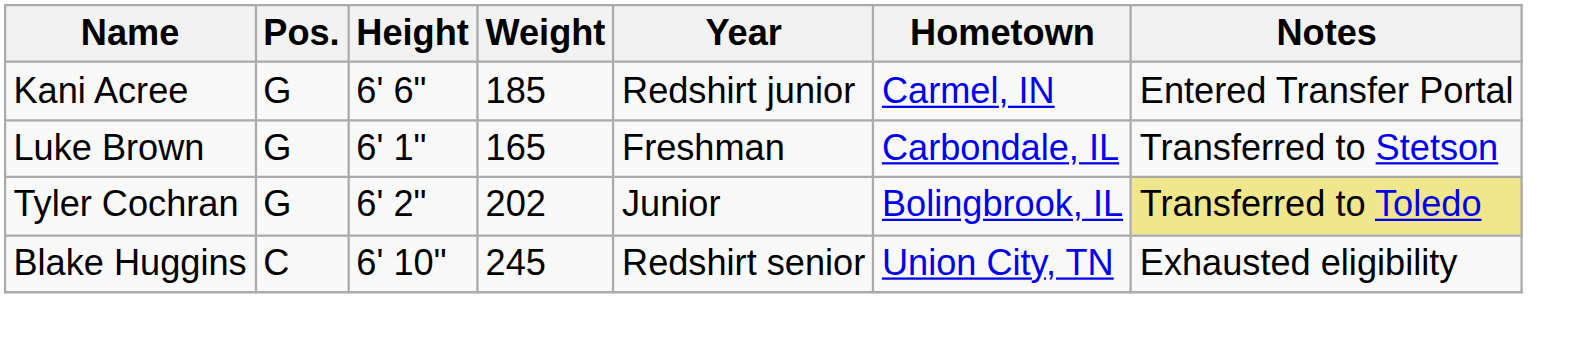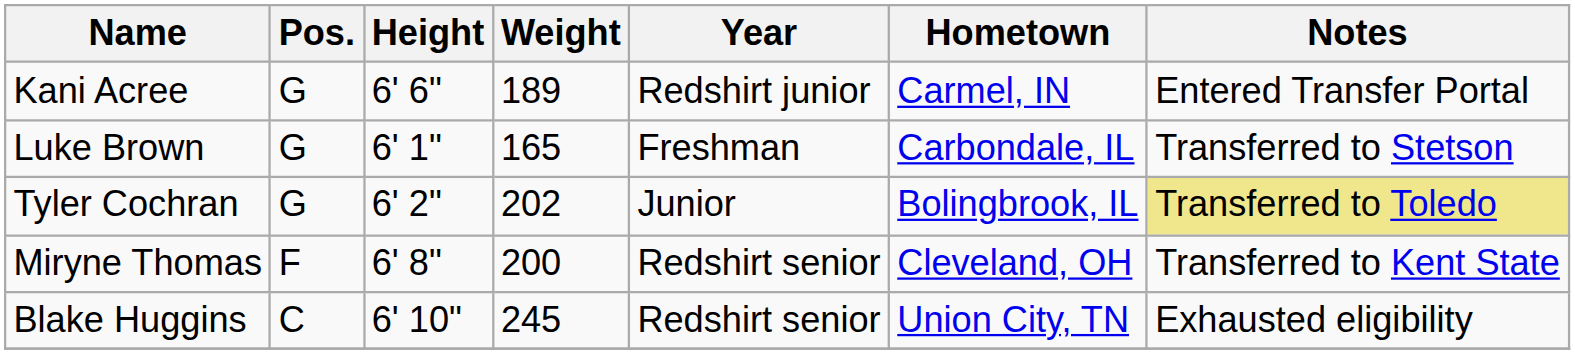 <table class="wikitable sortable" border="1">
 <tr align=center>
 <th>Name</th>
 <th>Pos.</th>
 <th>Height</th>
 <th>Weight</th>
 <th>Year</th>
 <th>Hometown</th>
 <th>Notes</th>
 </tr>
 <tr>
 <td>Kani Acree</td>
 <td>G</td>
 <td>6' 6"</td>
-<td>185</td>
+<td>189</td>
 <td>Redshirt junior</td>
 <td><a href='#'>Carmel, IN</a></td>
 <td>Entered Transfer Portal</td>
 </tr>
 <tr>
 <td>Luke Brown</td>
 <td>G</td>
 <td>6' 1"</td>
 <td>165</td>
 <td>Freshman</td>
 <td><a href='#'>Carbondale, IL</a></td>
 <td>Transferred to <a href='#'>Stetson</a></td>
 </tr>
 <tr>
 <td>Tyler Cochran</td>
 <td>G</td>
 <td>6' 2"</td>
 <td>202</td>
 <td>Junior</td>
 <td><a href='#'>Bolingbrook, IL</a></td>
 <td style="background: khaki;">Transferred to <a href='#'>Toledo</a></td>
 </tr>
 <tr>
+<td>Miryne Thomas</td>
+<td>F</td>
+<td>6' 8"</td>
+<td>200</td>
+<td>Redshirt senior</td>
+<td><a href='#'>Cleveland, OH</a></td>
+<td>Transferred to <a href='#'>Kent State</a></td>
+</tr>
+<tr>
 <td>Blake Huggins</td>
 <td>C</td>
 <td>6' 10"</td>
 <td>245</td>
 <td>Redshirt senior</td>
 <td><a href='#'>Union City, TN</a></td>
 <td>Exhausted eligibility</td>
 </tr>
 <tr>
 </tr>
 </table>
